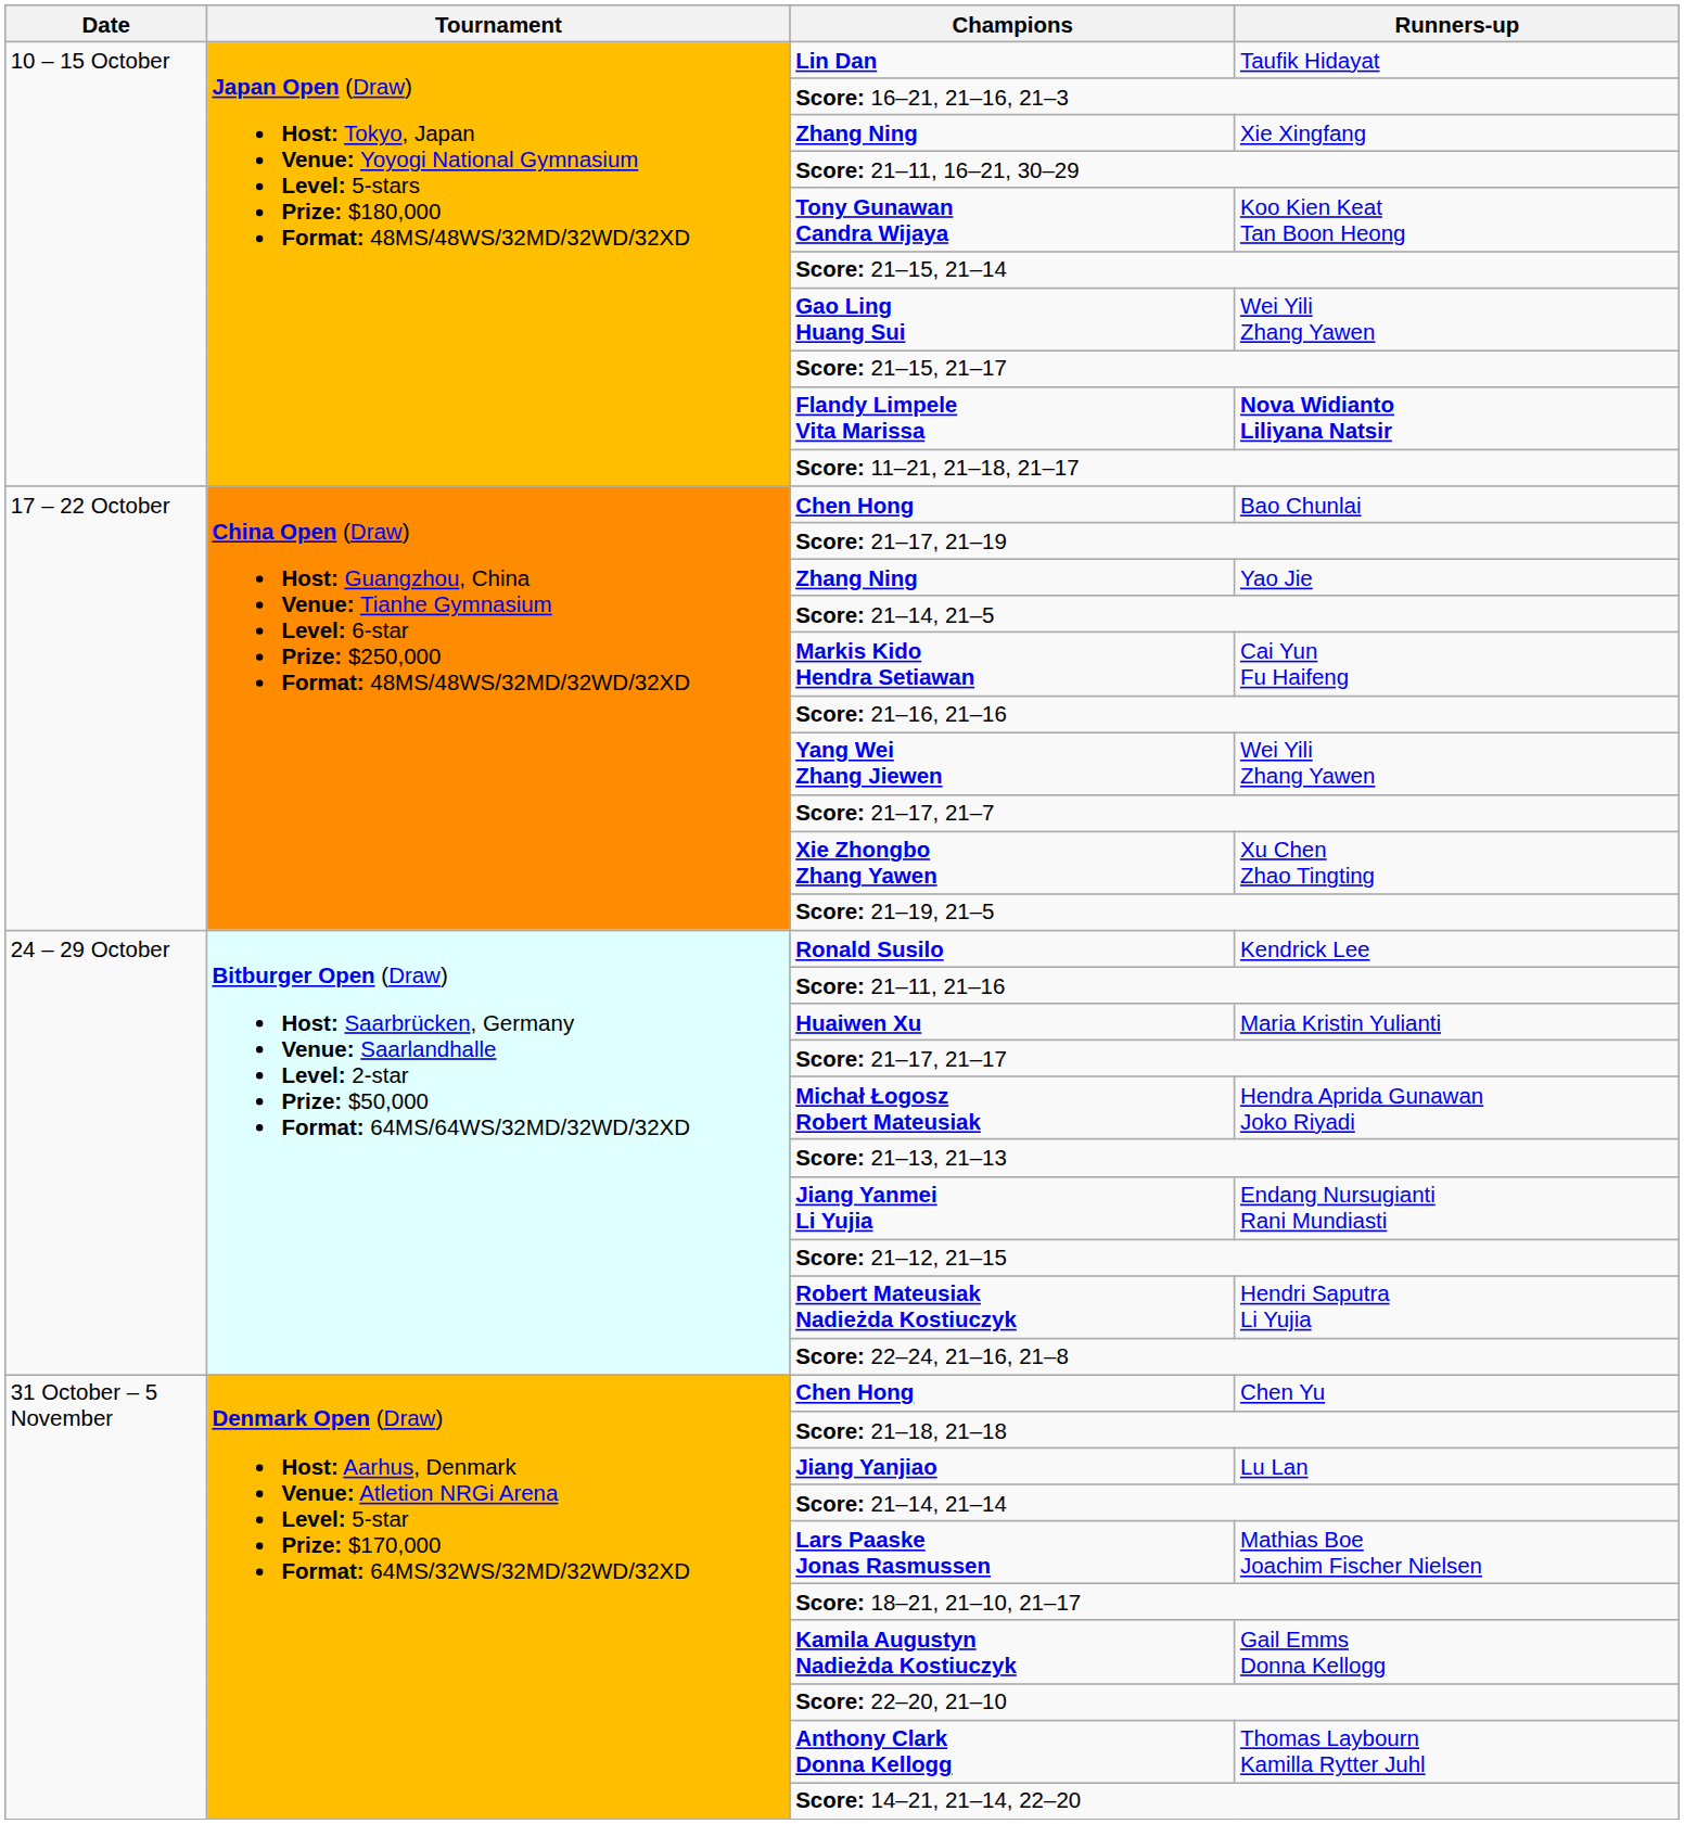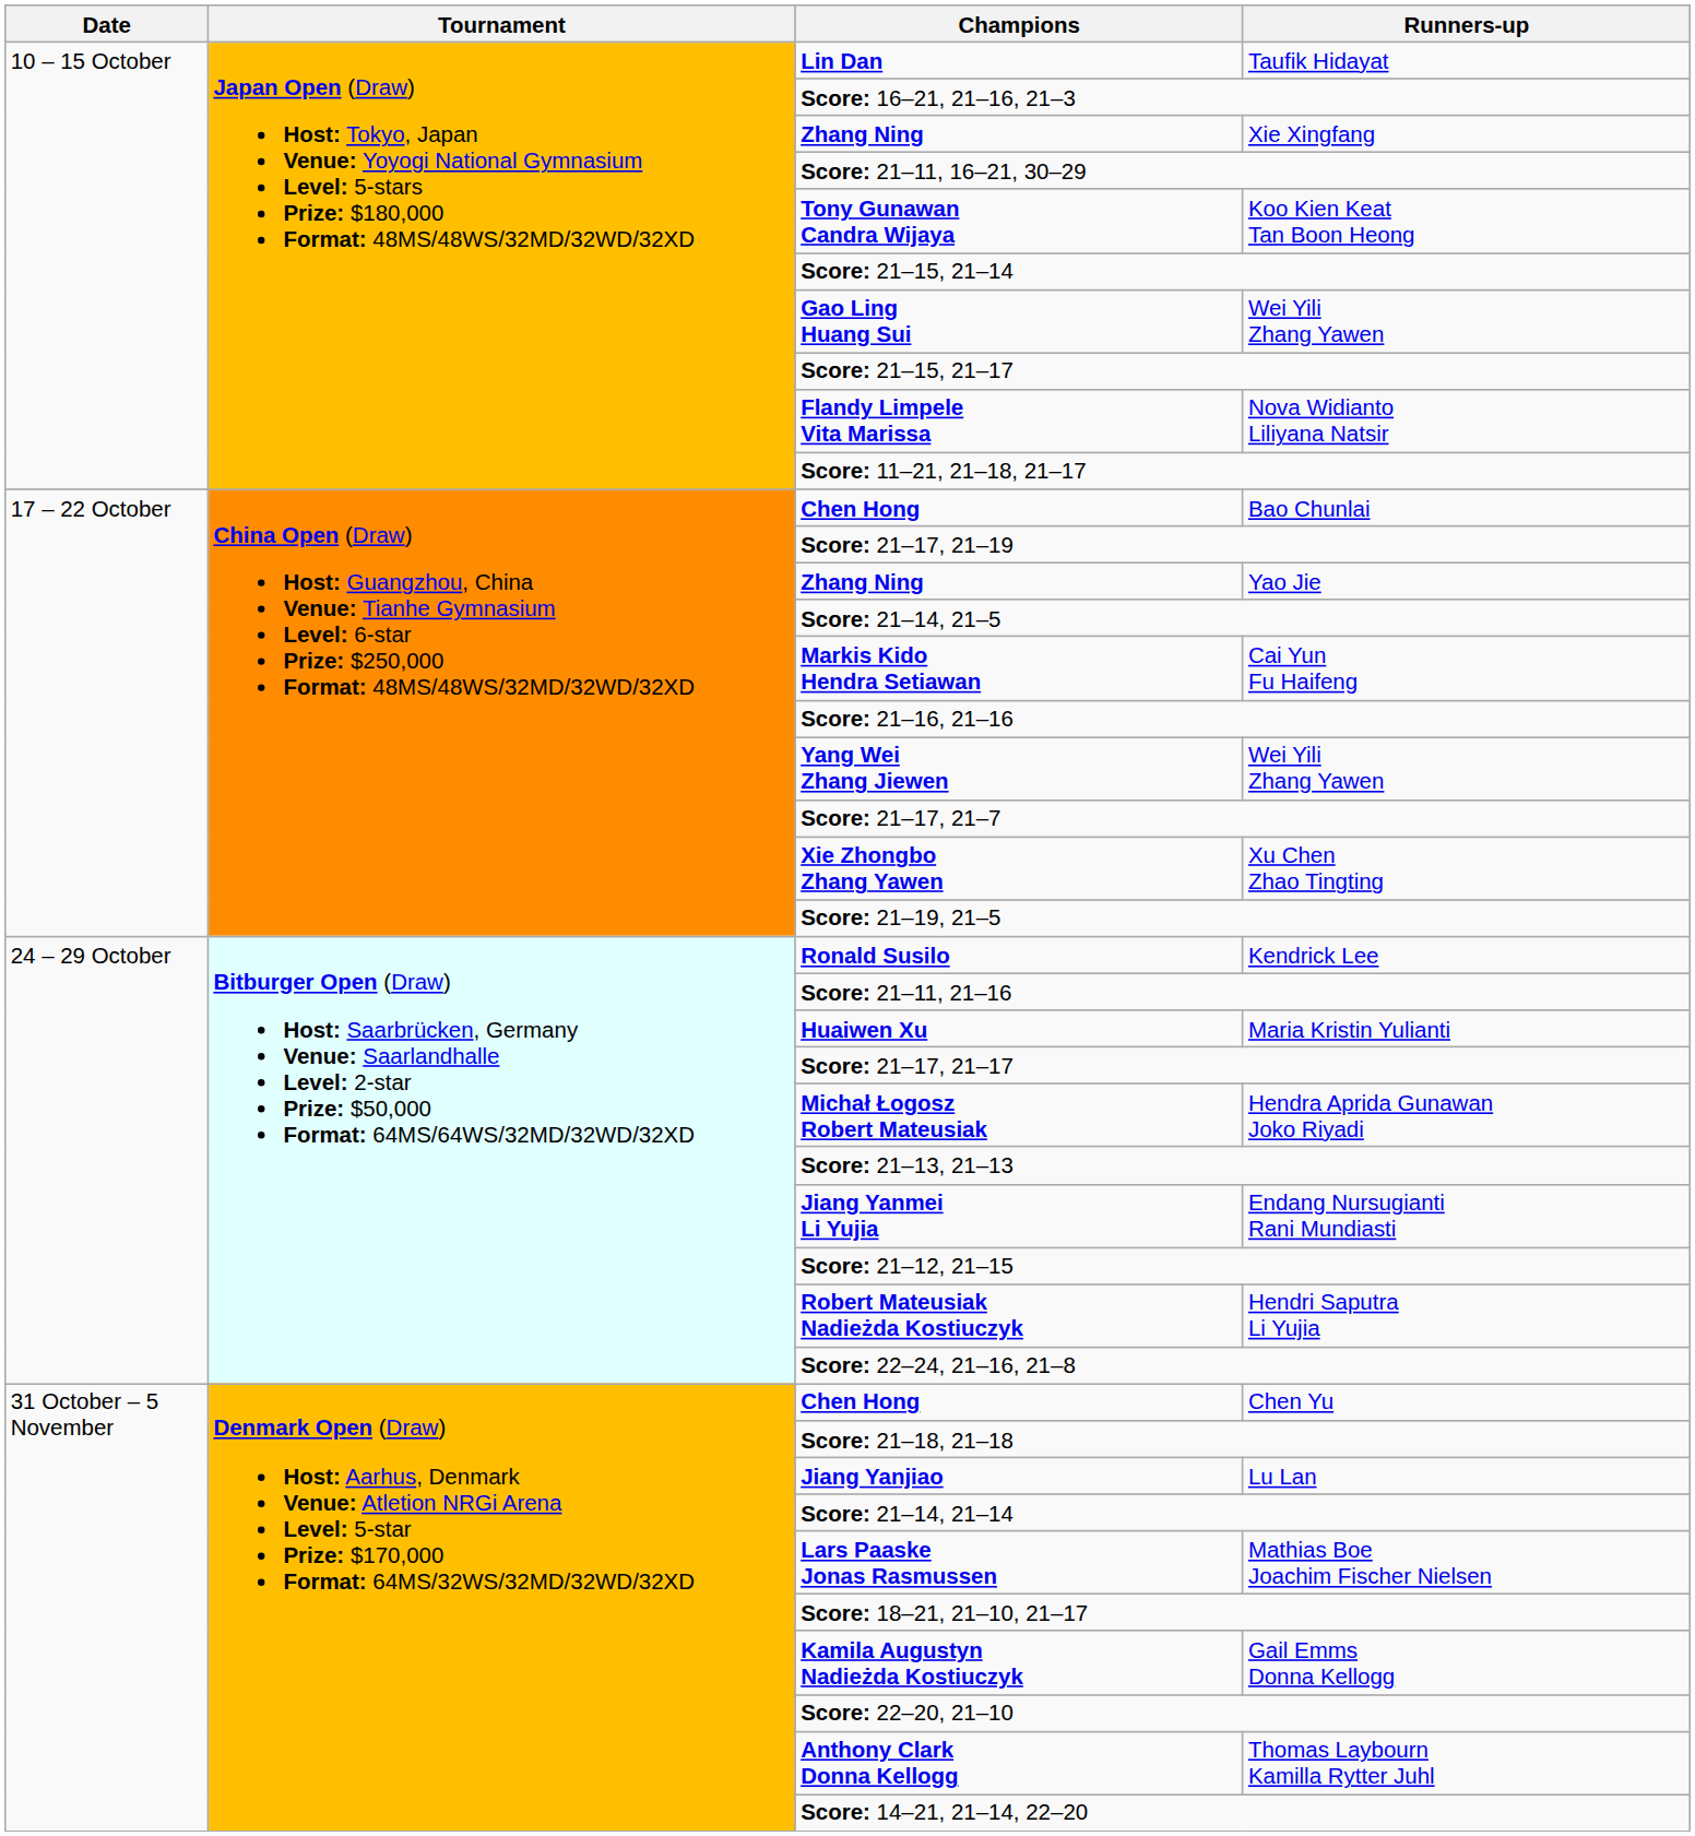 <table class="wikitable" style="font-size:80%">
 <tr>
 <th width="110">Date</th>
 <th width="330">Tournament</th>
 <th width="250">Champions</th>
 <th width="250">Runners-up</th>
 </tr>
 <tr valign=top>
 <td rowspan="10">10 – 15 October</td>
 <td bgcolor="#FFBF00" rowspan="10"><br><strong><a href='#'>Japan Open</a></strong> (<a href='#'>Draw</a>)<ul><li><strong>Host:</strong> <a href='#'>Tokyo</a>, Japan</li><li><strong>Venue:</strong> <a href='#'>Yoyogi National Gymnasium</a></li><li><strong>Level:</strong> 5-stars</li><li><strong>Prize:</strong> $180,000</li><li><strong>Format:</strong> 48MS/48WS/32MD/32WD/32XD</li></ul></td>
 <td><strong> <a href='#'>Lin Dan</a></strong></td>
 <td> <a href='#'>Taufik Hidayat</a></td>
 </tr>
 <tr>
 <td colspan="2"><strong>Score:</strong> 16–21, 21–16, 21–3</td>
 </tr>
 <tr valign="top">
 <td><strong> <a href='#'>Zhang Ning</a></strong></td>
 <td> <a href='#'>Xie Xingfang</a></td>
 </tr>
 <tr>
 <td colspan="2"><strong>Score:</strong> 21–11, 16–21, 30–29</td>
 </tr>
 <tr valign="top">
 <td><strong> <a href='#'>Tony Gunawan</a><br> <a href='#'>Candra Wijaya</a></strong></td>
 <td> <a href='#'>Koo Kien Keat</a><br> <a href='#'>Tan Boon Heong</a></td>
 </tr>
 <tr>
 <td colspan="2"><strong>Score:</strong> 21–15, 21–14</td>
 </tr>
 <tr valign="top">
 <td><strong> <a href='#'>Gao Ling</a><br> <a href='#'>Huang Sui</a></strong></td>
 <td> <a href='#'>Wei Yili</a><br> <a href='#'>Zhang Yawen</a></td>
 </tr>
 <tr>
 <td colspan="2"><strong>Score:</strong> 21–15, 21–17</td>
 </tr>
 <tr valign="top">
 <td><strong> <a href='#'>Flandy Limpele</a><br> <a href='#'>Vita Marissa</a></strong></td>
-<td><strong> <a href='#'>Nova Widianto</a><br> <a href='#'>Liliyana Natsir</a></strong></td>
+<td> <a href='#'>Nova Widianto</a><br> <a href='#'>Liliyana Natsir</a></td>
 </tr>
 <tr>
 <td colspan="2"><strong>Score:</strong> 11–21, 21–18, 21–17</td>
 </tr>
 <tr valign=top>
 <td rowspan="10">17 – 22 October</td>
 <td bgcolor="#FF8C00" rowspan="10"><br><strong><a href='#'>China Open</a></strong> (<a href='#'>Draw</a>)<ul><li><strong>Host:</strong> <a href='#'>Guangzhou</a>, China</li><li><strong>Venue:</strong> <a href='#'>Tianhe Gymnasium</a></li><li><strong>Level:</strong> 6-star</li><li><strong>Prize:</strong> $250,000</li><li><strong>Format:</strong> 48MS/48WS/32MD/32WD/32XD</li></ul></td>
 <td><strong> <a href='#'>Chen Hong</a></strong></td>
 <td> <a href='#'>Bao Chunlai</a></td>
 </tr>
 <tr>
 <td colspan="2"><strong>Score:</strong> 21–17, 21–19</td>
 </tr>
 <tr valign="top">
 <td><strong> <a href='#'>Zhang Ning</a></strong></td>
 <td> <a href='#'>Yao Jie</a></td>
 </tr>
 <tr>
 <td colspan="2"><strong>Score:</strong> 21–14, 21–5</td>
 </tr>
 <tr valign="top">
 <td><strong> <a href='#'>Markis Kido</a><br> <a href='#'>Hendra Setiawan</a></strong></td>
 <td> <a href='#'>Cai Yun</a><br> <a href='#'>Fu Haifeng</a></td>
 </tr>
 <tr>
 <td colspan="2"><strong>Score:</strong> 21–16, 21–16</td>
 </tr>
 <tr valign="top">
 <td><strong> <a href='#'>Yang Wei</a><br> <a href='#'>Zhang Jiewen</a></strong></td>
 <td> <a href='#'>Wei Yili</a><br> <a href='#'>Zhang Yawen</a></td>
 </tr>
 <tr>
 <td colspan="2"><strong>Score:</strong> 21–17, 21–7</td>
 </tr>
 <tr valign="top">
 <td><strong> <a href='#'>Xie Zhongbo</a><br> <a href='#'>Zhang Yawen</a></strong></td>
 <td> <a href='#'>Xu Chen</a><br> <a href='#'>Zhao Tingting</a></td>
 </tr>
 <tr>
 <td colspan="2"><strong>Score:</strong> 21–19, 21–5</td>
 </tr>
 <tr valign=top>
 <td rowspan="10">24 – 29 October</td>
 <td bgcolor="#E0FFFF" rowspan="10"><br><strong><a href='#'>Bitburger Open</a></strong> (<a href='#'>Draw</a>)<ul><li><strong>Host:</strong> <a href='#'>Saarbrücken</a>, Germany</li><li><strong>Venue:</strong> <a href='#'>Saarlandhalle</a></li><li><strong>Level:</strong> 2-star</li><li><strong>Prize:</strong> $50,000</li><li><strong>Format:</strong> 64MS/64WS/32MD/32WD/32XD</li></ul></td>
 <td><strong> <a href='#'>Ronald Susilo</a></strong></td>
 <td> <a href='#'>Kendrick Lee</a></td>
 </tr>
 <tr>
 <td colspan="2"><strong>Score:</strong> 21–11, 21–16</td>
 </tr>
 <tr valign="top">
 <td><strong> <a href='#'>Huaiwen Xu</a></strong></td>
 <td> <a href='#'>Maria Kristin Yulianti</a></td>
 </tr>
 <tr>
 <td colspan="2"><strong>Score:</strong> 21–17, 21–17</td>
 </tr>
 <tr valign="top">
 <td><strong> <a href='#'>Michał Łogosz</a><br> <a href='#'>Robert Mateusiak</a></strong></td>
 <td> <a href='#'>Hendra Aprida Gunawan</a><br> <a href='#'>Joko Riyadi</a></td>
 </tr>
 <tr>
 <td colspan="2"><strong>Score:</strong> 21–13, 21–13</td>
 </tr>
 <tr valign="top">
 <td><strong> <a href='#'>Jiang Yanmei</a><br> <a href='#'>Li Yujia</a></strong></td>
 <td> <a href='#'>Endang Nursugianti</a><br> <a href='#'>Rani Mundiasti</a></td>
 </tr>
 <tr>
 <td colspan="2"><strong>Score:</strong> 21–12, 21–15</td>
 </tr>
 <tr valign="top">
 <td><strong> <a href='#'>Robert Mateusiak</a><br> <a href='#'>Nadieżda Kostiuczyk</a></strong></td>
 <td> <a href='#'>Hendri Saputra</a><br> <a href='#'>Li Yujia</a></td>
 </tr>
 <tr>
 <td colspan="2"><strong>Score:</strong> 22–24, 21–16, 21–8</td>
 </tr>
 <tr valign=top>
 <td rowspan="10">31 October – 5 November</td>
 <td bgcolor="#FFBF00" rowspan="10"><br><strong><a href='#'>Denmark Open</a></strong> (<a href='#'>Draw</a>)<ul><li><strong>Host:</strong> <a href='#'>Aarhus</a>, Denmark</li><li><strong>Venue:</strong> <a href='#'>Atletion NRGi Arena</a></li><li><strong>Level:</strong> 5-star</li><li><strong>Prize:</strong> $170,000</li><li><strong>Format:</strong> 64MS/32WS/32MD/32WD/32XD</li></ul></td>
 <td><strong> <a href='#'>Chen Hong</a></strong></td>
 <td> <a href='#'>Chen Yu</a></td>
 </tr>
 <tr>
 <td colspan="2"><strong>Score:</strong> 21–18, 21–18</td>
 </tr>
 <tr valign="top">
 <td><strong> <a href='#'>Jiang Yanjiao</a></strong></td>
 <td> <a href='#'>Lu Lan</a></td>
 </tr>
 <tr>
 <td colspan="2"><strong>Score:</strong> 21–14, 21–14</td>
 </tr>
 <tr valign="top">
 <td><strong> <a href='#'>Lars Paaske</a><br> <a href='#'>Jonas Rasmussen</a></strong></td>
 <td> <a href='#'>Mathias Boe</a><br> <a href='#'>Joachim Fischer Nielsen</a></td>
 </tr>
 <tr>
 <td colspan="2"><strong>Score:</strong> 18–21, 21–10, 21–17</td>
 </tr>
 <tr valign="top">
 <td><strong> <a href='#'>Kamila Augustyn</a><br> <a href='#'>Nadieżda Kostiuczyk</a></strong></td>
 <td> <a href='#'>Gail Emms</a><br> <a href='#'>Donna Kellogg</a></td>
 </tr>
 <tr>
 <td colspan="2"><strong>Score:</strong> 22–20, 21–10</td>
 </tr>
 <tr valign="top">
 <td><strong> <a href='#'>Anthony Clark</a><br> <a href='#'>Donna Kellogg</a></strong></td>
 <td> <a href='#'>Thomas Laybourn</a><br> <a href='#'>Kamilla Rytter Juhl</a></td>
 </tr>
 <tr>
 <td colspan="2"><strong>Score:</strong> 14–21, 21–14, 22–20</td>
 </tr>
 </table>
